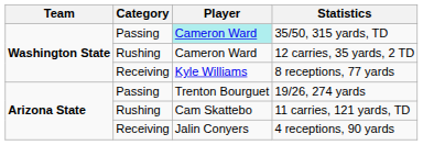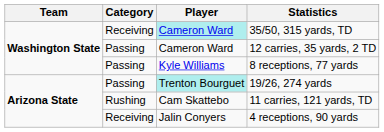 <table class="wikitable" style="float: right;">
 <tr>
 <th>Team</th>
 <th>Category</th>
 <th>Player</th>
 <th>Statistics</th>
 </tr>
 <tr>
 <td rowspan=3><strong>Washington State</strong></td>
-<td>Passing</td>
+<td>Receiving</td>
 <td style="background: paleturquoise;"><a href='#'>Cameron Ward</a></td>
 <td>35/50, 315 yards, TD</td>
 </tr>
 <tr>
-<td>Rushing</td>
+<td>Passing</td>
 <td>Cameron Ward</td>
 <td>12 carries, 35 yards, 2 TD</td>
 </tr>
 <tr>
-<td>Receiving</td>
+<td>Passing</td>
 <td><a href='#'>Kyle Williams</a></td>
 <td>8 receptions, 77 yards</td>
 </tr>
 <tr>
 <td rowspan=3><strong>Arizona State</strong></td>
 <td>Passing</td>
-<td>Trenton Bourguet</td>
+<td style="background: paleturquoise;">Trenton Bourguet</td>
 <td>19/26, 274 yards</td>
 </tr>
 <tr>
 <td>Rushing</td>
 <td>Cam Skattebo</td>
 <td>11 carries, 121 yards, TD</td>
 </tr>
 <tr>
 <td>Receiving</td>
 <td>Jalin Conyers</td>
 <td>4 receptions, 90 yards</td>
 </tr>
 </table>
